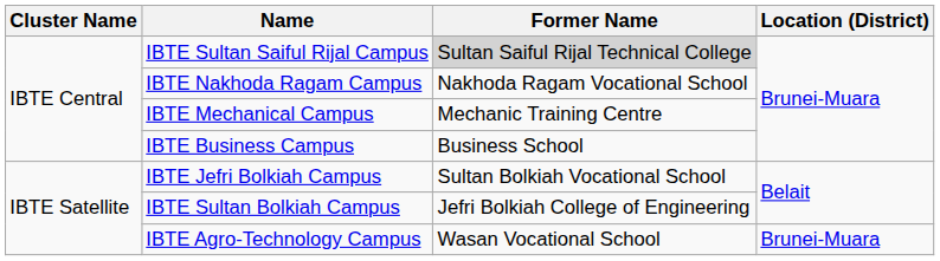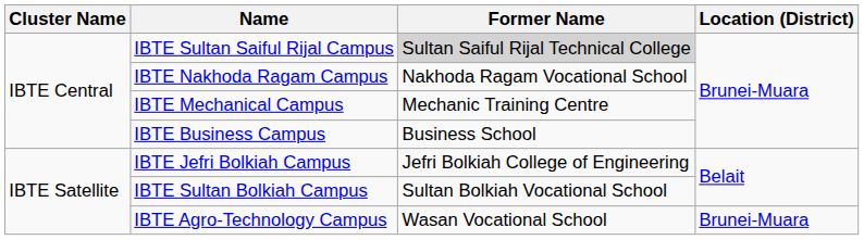 <table class="wikitable">
 <tr>
 <th>Cluster Name</th>
 <th>Name</th>
 <th>Former Name</th>
 <th>Location (District)</th>
 </tr>
 <tr>
 <td rowspan="4">IBTE Central</td>
 <td><a href='#'>IBTE Sultan Saiful Rijal Campus</a></td>
 <td style="background: lightgrey;">Sultan Saiful Rijal Technical College</td>
 <td rowspan="4"><a href='#'>Brunei-Muara</a></td>
 </tr>
 <tr>
 <td><a href='#'>IBTE Nakhoda Ragam Campus</a></td>
 <td>Nakhoda Ragam Vocational School</td>
 </tr>
 <tr>
 <td><a href='#'>IBTE Mechanical Campus</a></td>
 <td>Mechanic Training Centre</td>
 </tr>
 <tr>
 <td><a href='#'>IBTE Business Campus</a></td>
 <td>Business School</td>
 </tr>
 <tr>
 <td rowspan="3">IBTE Satellite</td>
 <td><a href='#'>IBTE Jefri Bolkiah Campus</a></td>
-<td>Sultan Bolkiah Vocational School</td>
+<td>Jefri Bolkiah College of Engineering</td>
 <td rowspan="2"><a href='#'>Belait</a></td>
 </tr>
 <tr>
 <td><a href='#'>IBTE Sultan Bolkiah Campus</a></td>
-<td>Jefri Bolkiah College of Engineering</td>
+<td>Sultan Bolkiah Vocational School</td>
 </tr>
 <tr>
 <td><a href='#'>IBTE Agro-Technology Campus</a></td>
 <td>Wasan Vocational School</td>
 <td><a href='#'>Brunei-Muara</a></td>
 </tr>
 </table>
